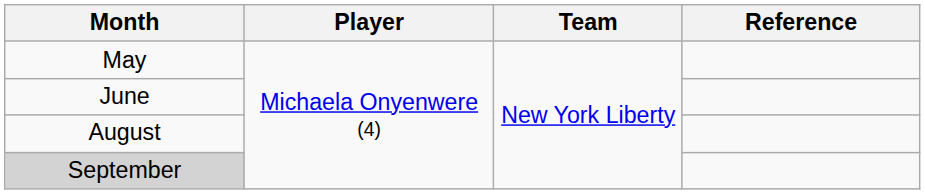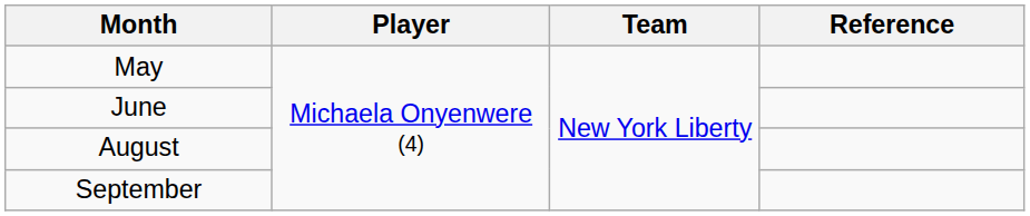 <table class="wikitable" style="width: 50%; text-align:center;">
 <tr>
 <th width=60>Month</th>
 <th width=60>Player</th>
 <th width=60>Team</th>
 <th width=20>Reference</th>
 </tr>
 <tr>
 <td>May</td>
 <td rowspan="4"><a href='#'>Michaela Onyenwere</a> <small>(4)</small></td>
 <td rowspan="4"><a href='#'>New York Liberty</a></td>
 <td></td>
 </tr>
 <tr>
 <td>June</td>
 <td></td>
 </tr>
 <tr>
 <td>August</td>
 <td></td>
 </tr>
 <tr>
-<td style="background: lightgrey;">September</td>
+<td>September</td>
 <td></td>
 </tr>
 </table>
